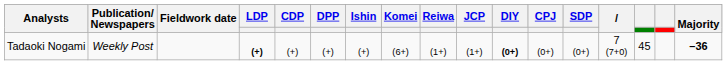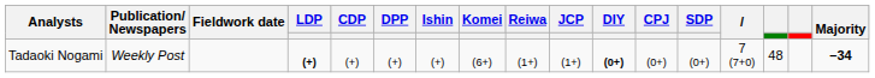 <table class="wikitable mw-datatable sortable mw-collapsible" style="text-align:center;font-size:90%;line-height:14px;">
 <tr style="height:30px; background-color:#8B8B8B">
 <th rowspan="2">Analysts</th>
 <th rowspan="2">Publication/<br>Newspapers</th>
 <th rowspan="2">Fieldwork date</th>
 <th class="unsortable" width="40px"><a href='#'>LDP</a></th>
 <th class="unsortable" width="40px"><a href='#'>CDP</a></th>
 <th class="unsortable" width="40px"><a href='#'>DPP</a></th>
 <th class="unsortable" width="40px"><a href='#'>Ishin</a></th>
 <th class="unsortable" width="40px"><a href='#'>Komei</a></th>
 <th class="unsortable" width="40px"><a href='#'>Reiwa</a></th>
 <th class="unsortable" width="40px"><a href='#'>JCP</a></th>
 <th class="unsortable" width="40px"><a href='#'>DIY</a></th>
 <th class="unsortable" width="40px"><a href='#'>CPJ</a></th>
 <th class="unsortable" width="40px"><a href='#'>SDP</a></th>
 <th rowspan="2" class="unsortable" width="40px">/<br></th>
 <th class="unsortable" style="width:20px;"></th>
 <th class="unsortable" style="width:20px;"></th>
 <th rowspan="2"><br>Majority</th>
 </tr>
 <tr>
 <th data-sort-type="number" style="background:"></th>
 <th data-sort-type="number" style="background:"></th>
 <th data-sort-type="number" style="background:"></th>
 <th data-sort-type="number" style="background:"></th>
 <th data-sort-type="number" style="background:"></th>
 <th data-sort-type="number" style="background:"></th>
 <th data-sort-type="number" style="background:"></th>
 <th data-sort-type="number" style="background:"></th>
 <th data-sort-type="number" style="background:"></th>
 <th data-sort-type="number" style="background:"></th>
 <th data-sort-type="number" style="background:Green;"></th>
 <th data-sort-type="number" style="background:Red;"></th>
 </tr>
 <tr>
 <td>Tadaoki Nogami</td>
 <td><em>Weekly Post</em></td>
 <td></td>
 <td><strong></strong><br><small><strong>(+)</strong></small></td>
 <td><br><small>(+)</small></td>
 <td><br><small>(+)</small></td>
 <td><br><small>(+)</small></td>
 <td><br><small>(6+)</small></td>
 <td><br><small>(1+)</small></td>
 <td><br><small>(1+)</small></td>
 <td><strong><br><small>(0+)</small></strong></td>
 <td><br><small>(0+)</small></td>
 <td><br><small>(0+)</small></td>
 <td>7<br><small>(7+0)</small></td>
-<td>45</td>
+<td>48</td>
 <td></td>
-<td style="background:"><strong>–36</strong></td>
+<td style="background:"><strong>–34</strong></td>
 </tr>
 </table>
